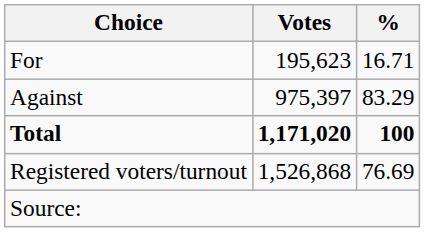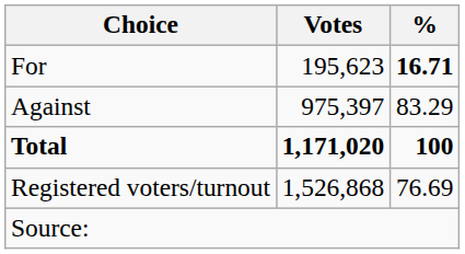 <table class=wikitable style=text-align:right>
 <tr>
 <th>Choice</th>
 <th>Votes</th>
 <th>%</th>
 </tr>
 <tr>
 <td align=left>For</td>
 <td>195,623</td>
-<td>16.71</td>
+<td><strong>16.71</strong></td>
 </tr>
 <tr>
 <td align=left>Against</td>
 <td>975,397</td>
 <td>83.29</td>
 </tr>
 <tr>
 <td align=left><strong>Total</strong></td>
 <td><strong>1,171,020</strong></td>
 <td><strong>100</strong></td>
 </tr>
 <tr>
 <td align=left>Registered voters/turnout</td>
 <td>1,526,868</td>
 <td>76.69</td>
 </tr>
 <tr>
 <td align=left colspan=3>Source: </td>
 </tr>
 </table>
